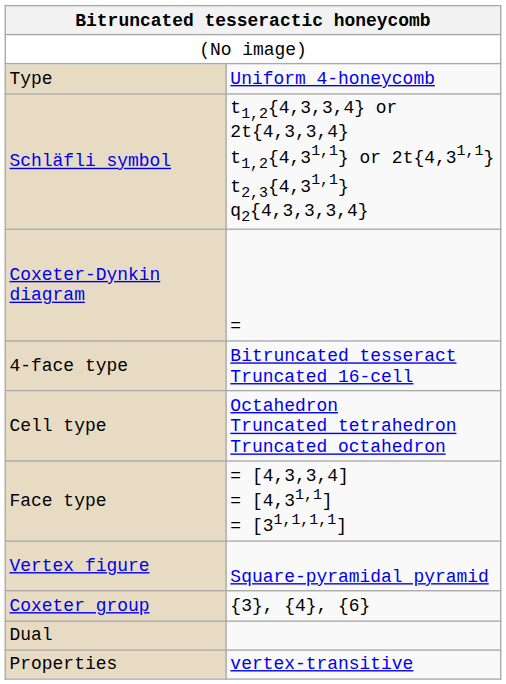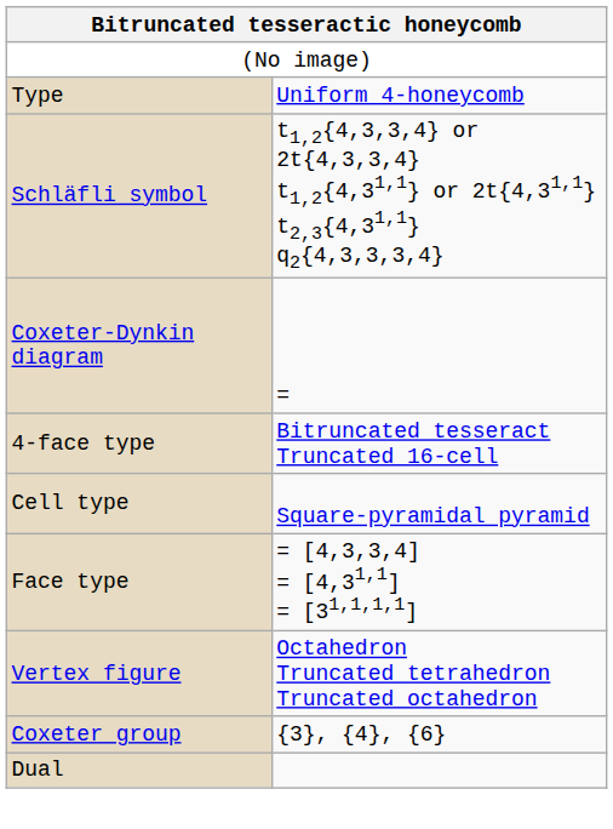 <table class="wikitable" align="right" style="margin-left:10px" width="360">
 <tr>
 <th bgcolor=#e7dcc3 colspan=2>Bitruncated tesseractic honeycomb</th>
 </tr>
 <tr>
 <td bgcolor=#ffffff align=center colspan=2>(No image)</td>
 </tr>
 <tr>
 <td bgcolor=#e7dcc3>Type</td>
 <td><a href='#'>Uniform 4-honeycomb</a></td>
 </tr>
 <tr>
 <td bgcolor=#e7dcc3><a href='#'>Schläfli symbol</a></td>
 <td>t<sub>1,2</sub>{4,3,3,4} or 2t{4,3,3,4} <br>t<sub>1,2</sub>{4,3<sup>1,1</sup>} or 2t{4,3<sup>1,1</sup>}<br>t<sub>2,3</sub>{4,3<sup>1,1</sup>}<br>q<sub>2</sub>{4,3,3,3,4}</td>
 </tr>
 <tr>
 <td bgcolor=#e7dcc3><a href='#'>Coxeter-Dynkin diagram</a></td>
 <td><br><br> <br> <br>  = </td>
 </tr>
 <tr>
 <td bgcolor=#e7dcc3>4-face type</td>
 <td><a href='#'>Bitruncated tesseract</a> <br><a href='#'>Truncated 16-cell</a> </td>
 </tr>
 <tr>
 <td bgcolor=#e7dcc3>Cell type</td>
-<td><a href='#'>Octahedron</a> <br><a href='#'>Truncated tetrahedron</a> <br><a href='#'>Truncated octahedron</a> </td>
+<td><br><a href='#'>Square-pyramidal pyramid</a></td>
 </tr>
 <tr>
 <td bgcolor=#e7dcc3>Face type</td>
 <td> = [4,3,3,4]<br> = [4,3<sup>1,1</sup>]<br> = [3<sup>1,1,1,1</sup>]</td>
 </tr>
 <tr>
 <td bgcolor=#e7dcc3><a href='#'>Vertex figure</a></td>
-<td><br><a href='#'>Square-pyramidal pyramid</a></td>
+<td><a href='#'>Octahedron</a> <br><a href='#'>Truncated tetrahedron</a> <br><a href='#'>Truncated octahedron</a> </td>
 </tr>
 <tr>
 <td bgcolor=#e7dcc3><a href='#'>Coxeter group</a></td>
 <td>{3}, {4}, {6}</td>
 </tr>
 <tr>
 <td bgcolor=#e7dcc3>Dual</td>
 <td></td>
 </tr>
-<tr>
-<td bgcolor=#e7dcc3>Properties</td>
-<td><a href='#'>vertex-transitive</a></td>
-</tr>
 </table>
